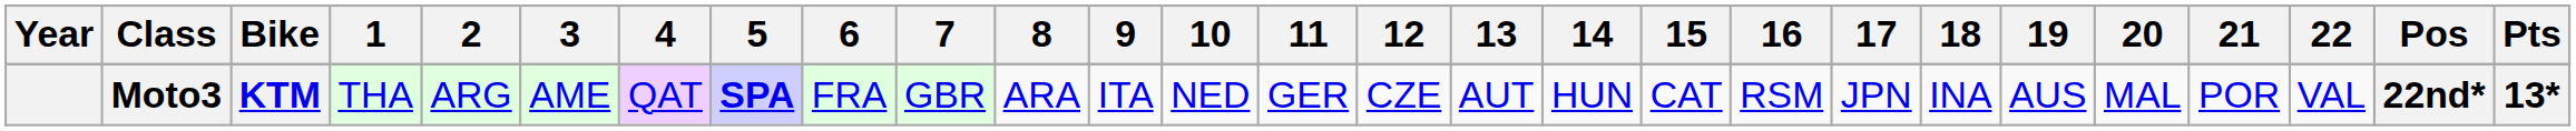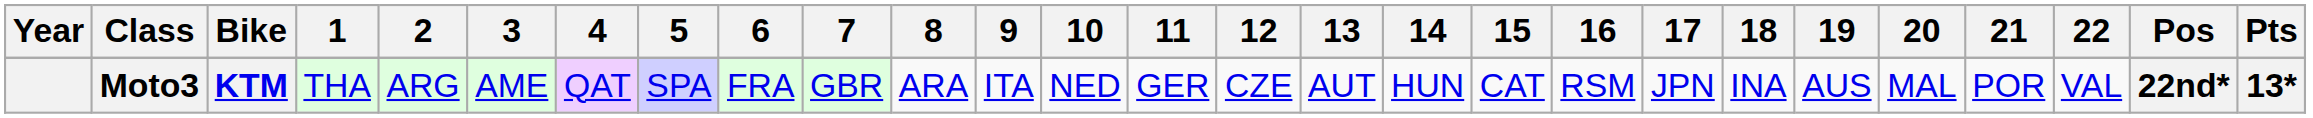 <table class="wikitable" style="text-align:center;">
 <tr>
 <th>Year</th>
 <th>Class</th>
 <th>Bike</th>
 <th>1</th>
 <th>2</th>
 <th>3</th>
 <th>4</th>
 <th>5</th>
 <th>6</th>
 <th>7</th>
 <th>8</th>
 <th>9</th>
 <th>10</th>
 <th>11</th>
 <th>12</th>
 <th>13</th>
 <th>14</th>
 <th>15</th>
 <th>16</th>
 <th>17</th>
 <th>18</th>
 <th>19</th>
 <th>20</th>
 <th>21</th>
 <th>22</th>
 <th>Pos</th>
 <th>Pts</th>
 </tr>
 <tr>
 </tr>
 <tr>
 <th></th>
 <th>Moto3</th>
 <th><a href='#'>KTM</a></th>
 <td style="background:#DFFFDF;"><a href='#'>THA</a><br></td>
 <td style="background:#DFFFDF;"><a href='#'>ARG</a><br></td>
 <td style="background:#DFFFDF;"><a href='#'>AME</a><br></td>
 <td style="background:#EFCFFF;"><a href='#'>QAT</a><br></td>
-<td style="background:#CFCFFF;"><strong><a href='#'>SPA</a><br></strong></td>
+<td style="background:#CFCFFF;"><a href='#'>SPA</a><br></td>
 <td style="background:#DFFFDF;"><a href='#'>FRA</a><br></td>
 <td style="background:#DFFFDF;"><a href='#'>GBR</a><br></td>
 <td style="background:#;"><a href='#'>ARA</a><br></td>
 <td style="background:#;"><a href='#'>ITA</a><br></td>
 <td style="background:#;"><a href='#'>NED</a><br></td>
 <td style="background:#;"><a href='#'>GER</a><br></td>
 <td style="background:#;"><a href='#'>CZE</a><br></td>
 <td style="background:#;"><a href='#'>AUT</a><br></td>
 <td style="background:#;"><a href='#'>HUN</a><br></td>
 <td style="background:#;"><a href='#'>CAT</a><br></td>
 <td style="background:#;"><a href='#'>RSM</a><br></td>
 <td style="background:#;"><a href='#'>JPN</a><br></td>
 <td style="background:#;"><a href='#'>INA</a><br></td>
 <td style="background:#;"><a href='#'>AUS</a><br></td>
 <td style="background:#;"><a href='#'>MAL</a><br></td>
 <td style="background:#;"><a href='#'>POR</a><br></td>
 <td style="background:#;"><a href='#'>VAL</a><br></td>
 <th>22nd*</th>
 <th>13*</th>
 </tr>
 </table>
